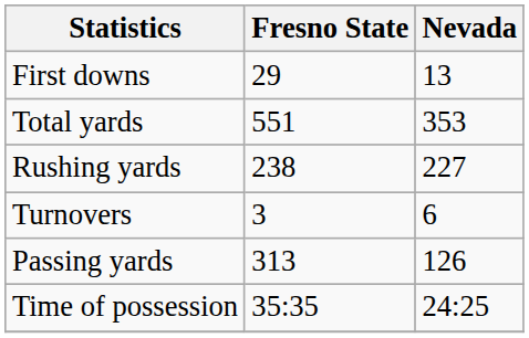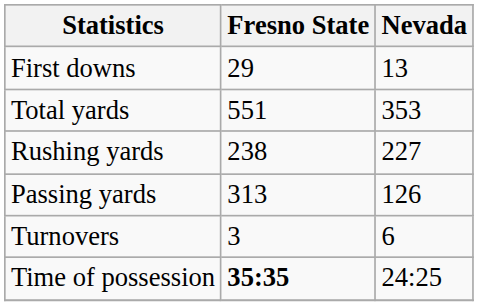 <table class="wikitable">
 <tr>
 <th>Statistics</th>
 <th>Fresno State</th>
 <th>Nevada</th>
 </tr>
 <tr>
 <td>First downs</td>
 <td>29</td>
 <td>13</td>
 </tr>
 <tr>
 <td>Total yards</td>
 <td>551</td>
 <td>353</td>
 </tr>
 <tr>
 <td>Rushing yards</td>
 <td>238</td>
 <td>227</td>
 </tr>
 <tr>
+<td>Passing yards</td>
+<td>313</td>
+<td>126</td>
+</tr>
+<tr>
 <td>Turnovers</td>
 <td>3</td>
 <td>6</td>
 </tr>
 <tr>
-<td>Passing yards</td>
-<td>313</td>
-<td>126</td>
-</tr>
-<tr>
 <td>Time of possession</td>
-<td>35:35</td>
+<td><strong>35:35</strong></td>
 <td>24:25</td>
 </tr>
 <tr>
 </tr>
 </table>
